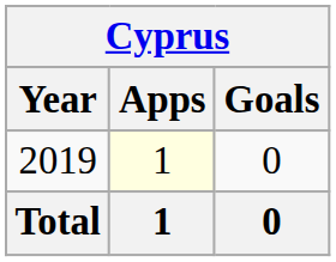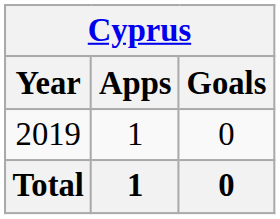 <table class="wikitable" style="text-align:center">
 <tr>
 <th colspan=3><a href='#'>Cyprus</a></th>
 </tr>
 <tr>
 <th>Year</th>
 <th>Apps</th>
 <th>Goals</th>
 </tr>
 <tr>
 <td>2019</td>
-<td style="background: lightyellow;">1</td>
+<td>1</td>
 <td>0</td>
 </tr>
 <tr>
 <th>Total</th>
 <th>1</th>
 <th>0</th>
 </tr>
 </table>
